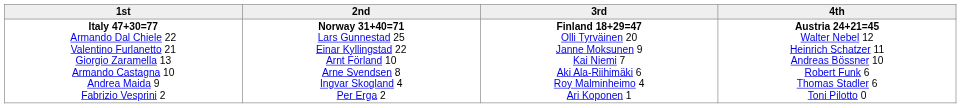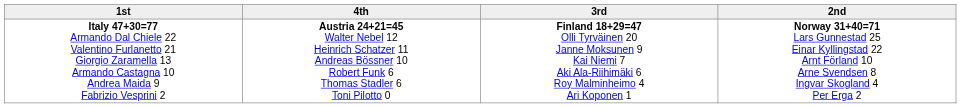 <table border=1 cellpadding=2 cellspacing=0 width=75% style="border-collapse:collapse">
 <tr align=center style="background:#efefef;">
 <th width=20% >1st</th>
+<th width=20%>4th</th>
+<th width=20% >3rd</th>
 <th width=20% >2nd</th>
-<th width=20% >3rd</th>
-<th width=20%>4th</th>
 </tr>
 <tr align=center>
 <td valign=top ><strong>Italy 47+30=77</strong><br><a href='#'>Armando Dal Chiele</a> 22<br><a href='#'>Valentino Furlanetto</a> 21<br><a href='#'>Giorgio Zaramella</a> 13<br><a href='#'>Armando Castagna</a> 10<br><a href='#'>Andrea Maida</a> 9<br><a href='#'>Fabrizio Vesprini</a> 2</td>
+<td valign=top><strong>Austria 24+21=45</strong><br><a href='#'>Walter Nebel</a> 12<br><a href='#'>Heinrich Schatzer</a> 11<br><a href='#'>Andreas Bössner</a> 10<br><a href='#'>Robert Funk</a> 6<br><a href='#'>Thomas Stadler</a> 6<br><a href='#'>Toni Pilotto</a> 0</td>
+<td valign=top ><strong>Finland 18+29=47</strong><br><a href='#'>Olli Tyrväinen</a> 20<br><a href='#'>Janne Moksunen</a> 9<br><a href='#'>Kai Niemi</a> 7<br><a href='#'>Aki Ala-Riihimäki</a> 6<br><a href='#'>Roy Malminheimo</a> 4<br><a href='#'>Ari Koponen</a> 1</td>
 <td valign=top ><strong>Norway 31+40=71</strong><br><a href='#'>Lars Gunnestad</a> 25<br><a href='#'>Einar Kyllingstad</a> 22<br><a href='#'>Arnt Förland</a> 10<br><a href='#'>Arne Svendsen</a> 8<br><a href='#'>Ingvar Skogland</a> 4<br><a href='#'>Per Erga</a> 2</td>
-<td valign=top ><strong>Finland 18+29=47</strong><br><a href='#'>Olli Tyrväinen</a> 20<br><a href='#'>Janne Moksunen</a> 9<br><a href='#'>Kai Niemi</a> 7<br><a href='#'>Aki Ala-Riihimäki</a> 6<br><a href='#'>Roy Malminheimo</a> 4<br><a href='#'>Ari Koponen</a> 1</td>
-<td valign=top><strong>Austria 24+21=45</strong><br><a href='#'>Walter Nebel</a> 12<br><a href='#'>Heinrich Schatzer</a> 11<br><a href='#'>Andreas Bössner</a> 10<br><a href='#'>Robert Funk</a> 6<br><a href='#'>Thomas Stadler</a> 6<br><a href='#'>Toni Pilotto</a> 0</td>
 </tr>
 </table>
